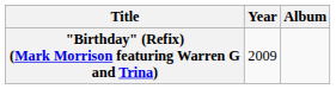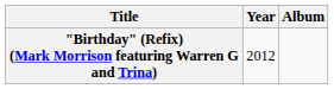 <table class="wikitable plainrowheaders" style="text-align:center;">
 <tr>
 <th scope="col" style="width:16em;">Title</th>
 <th scope="col">Year</th>
 <th scope="col">Album</th>
 </tr>
 <tr>
 <th scope="row">"Birthday" (Refix)<br><span>(<a href='#'>Mark Morrison</a> featuring Warren G and <a href='#'>Trina</a>)</span></th>
-<td>2009</td>
+<td>2012</td>
 <td></td>
 </tr>
 </table>
